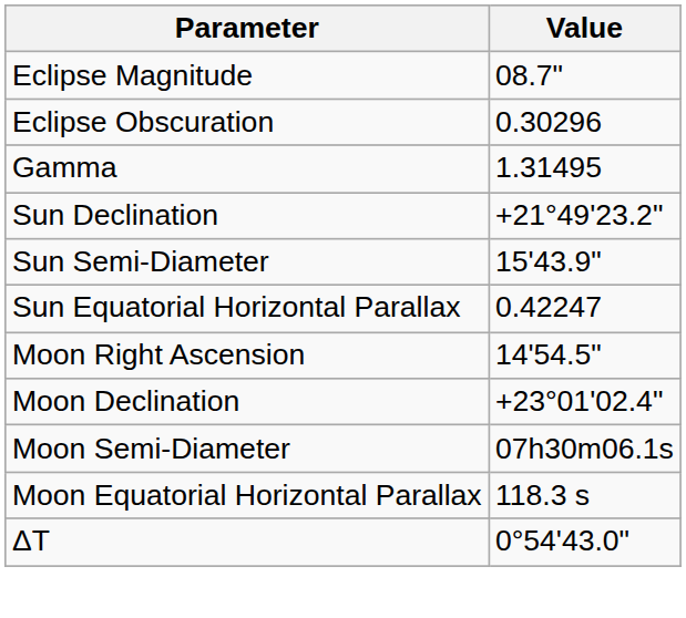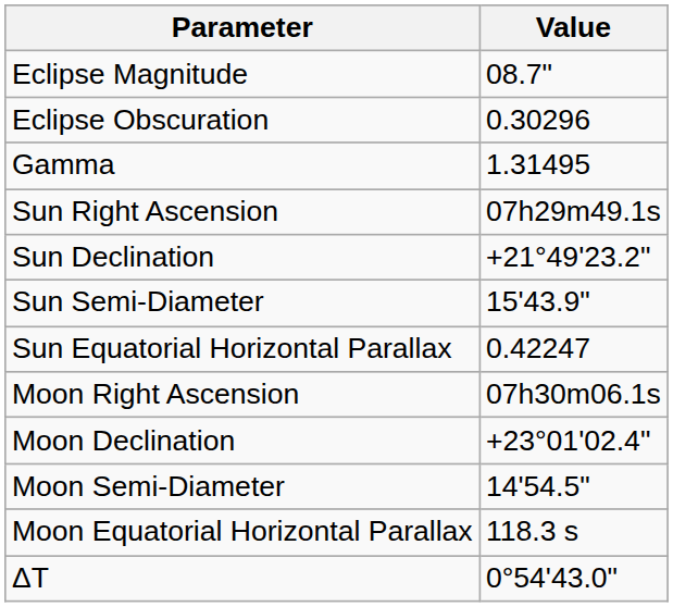 <table class="wikitable">
 <tr>
 <th>Parameter</th>
 <th>Value</th>
 </tr>
 <tr>
 <td>Eclipse Magnitude</td>
 <td>08.7"</td>
 </tr>
 <tr>
 <td>Eclipse Obscuration</td>
 <td>0.30296</td>
 </tr>
 <tr>
 <td>Gamma</td>
 <td>1.31495</td>
 </tr>
 <tr>
+<td>Sun Right Ascension</td>
+<td>07h29m49.1s</td>
+</tr>
+<tr>
 <td>Sun Declination</td>
 <td>+21°49'23.2"</td>
 </tr>
 <tr>
 <td>Sun Semi-Diameter</td>
 <td>15'43.9"</td>
 </tr>
 <tr>
 <td>Sun Equatorial Horizontal Parallax</td>
 <td>0.42247</td>
 </tr>
 <tr>
 <td>Moon Right Ascension</td>
-<td>14'54.5"</td>
+<td>07h30m06.1s</td>
 </tr>
 <tr>
 <td>Moon Declination</td>
 <td>+23°01'02.4"</td>
 </tr>
 <tr>
 <td>Moon Semi-Diameter</td>
-<td>07h30m06.1s</td>
+<td>14'54.5"</td>
 </tr>
 <tr>
 <td>Moon Equatorial Horizontal Parallax</td>
 <td>118.3 s</td>
 </tr>
 <tr>
 <td>ΔT</td>
 <td>0°54'43.0"</td>
 </tr>
 </table>
